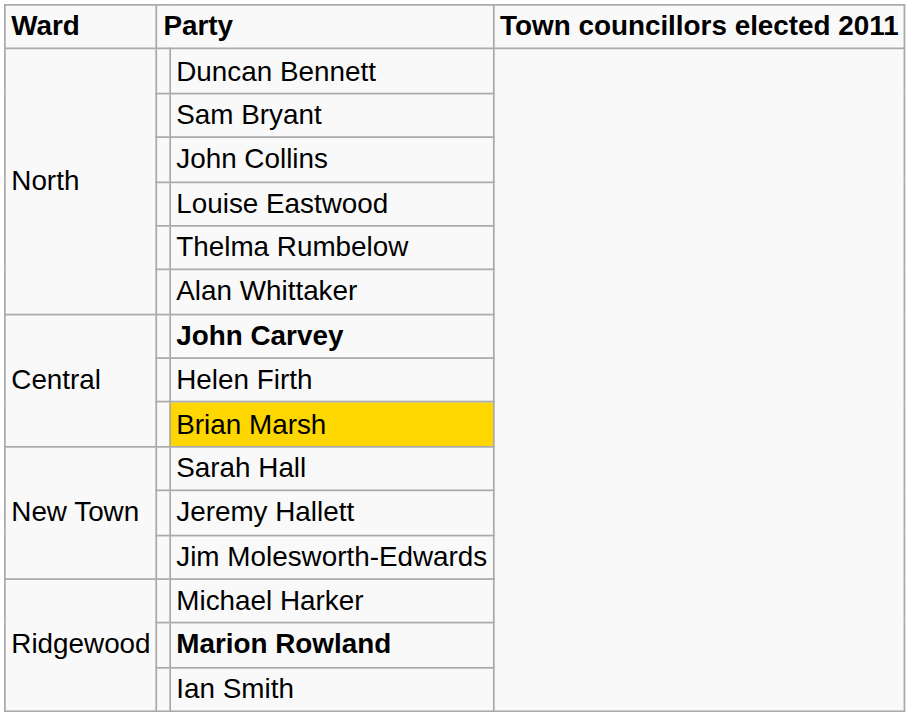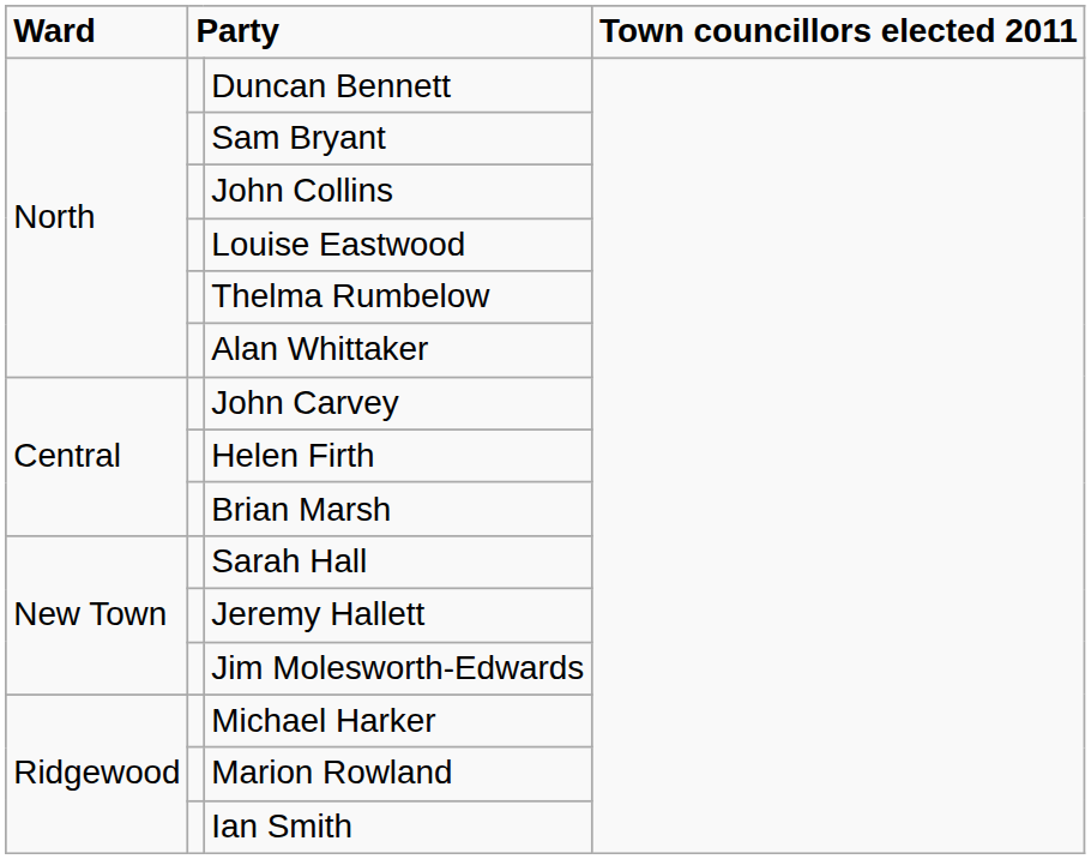 <table class="wikitable">
 <tr>
 <td><strong>Ward</strong></td>
 <td colspan=2><strong>Party</strong></td>
 <td><strong>Town councillors elected 2011</strong></td>
 </tr>
 <tr>
 <td rowspan="6">North</td>
 <td></td>
 <td>Duncan Bennett</td>
 </tr>
 <tr>
 <td></td>
 <td>Sam Bryant</td>
 </tr>
 <tr>
 <td></td>
 <td>John Collins</td>
 </tr>
 <tr>
 <td></td>
 <td>Louise Eastwood</td>
 </tr>
 <tr>
 <td></td>
 <td>Thelma Rumbelow</td>
 </tr>
 <tr>
 <td></td>
 <td>Alan Whittaker</td>
 </tr>
 <tr>
 <td rowspan="3">Central</td>
 <td></td>
-<td><strong>John Carvey</strong></td>
+<td>John Carvey</td>
 </tr>
 <tr>
 <td></td>
 <td>Helen Firth</td>
 </tr>
 <tr>
 <td></td>
-<td style="background: gold;">Brian Marsh</td>
+<td>Brian Marsh</td>
 </tr>
 <tr>
 <td rowspan="3">New Town</td>
 <td></td>
 <td>Sarah Hall</td>
 </tr>
 <tr>
 <td></td>
 <td>Jeremy Hallett</td>
 </tr>
 <tr>
 <td></td>
 <td>Jim Molesworth-Edwards</td>
 </tr>
 <tr>
 <td rowspan="3">Ridgewood</td>
 <td></td>
 <td>Michael Harker</td>
 </tr>
 <tr>
 <td></td>
-<td><strong>Marion Rowland</strong></td>
+<td>Marion Rowland</td>
 </tr>
 <tr>
 <td></td>
 <td>Ian Smith</td>
 </tr>
 </table>
